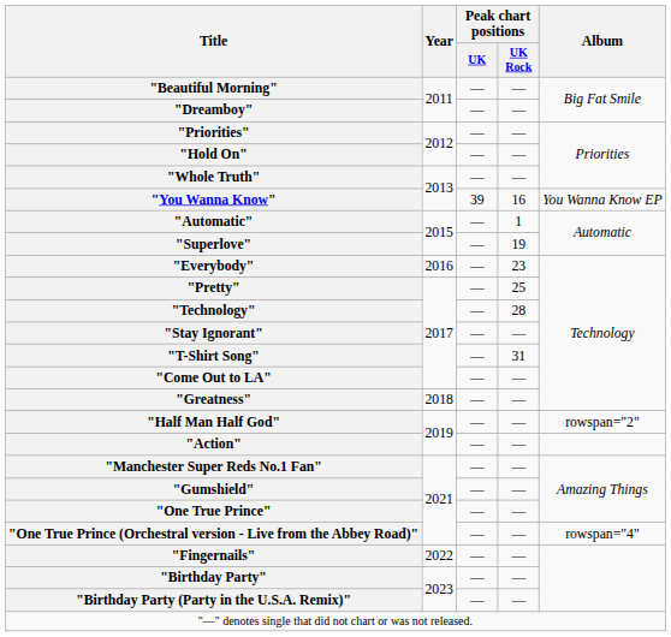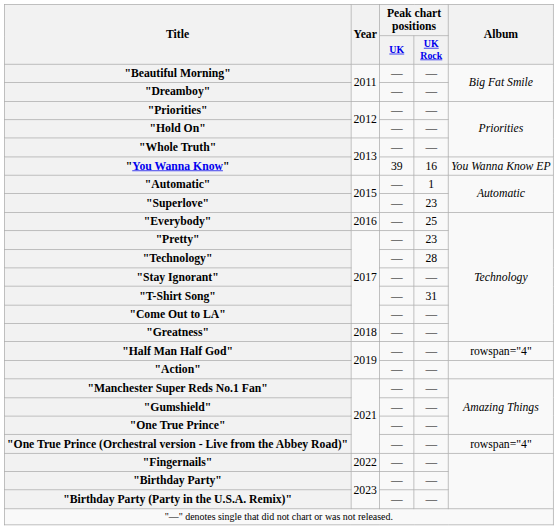 <table class="wikitable plainrowheaders" style="text-align:center;">
 <tr>
 <th scope="col" rowspan="2">Title</th>
 <th scope="col" rowspan="2">Year</th>
 <th scope="col" colspan="2">Peak chart positions</th>
 <th scope="col" rowspan="2">Album</th>
 </tr>
 <tr>
 <th scope="col" style="width:3em;font-size:85%;"><a href='#'>UK</a><br></th>
 <th scope="col" style="width:3em;font-size:85%;"><a href='#'>UK Rock</a><br></th>
 </tr>
 <tr>
 <th scope="row">"Beautiful Morning"</th>
 <td rowspan="2">2011</td>
 <td>—</td>
 <td>—</td>
 <td rowspan="2"><em>Big Fat Smile</em></td>
 </tr>
 <tr>
 <th scope="row">"Dreamboy"</th>
 <td>—</td>
 <td>—</td>
 </tr>
 <tr>
 <th scope="row">"Priorities"</th>
 <td rowspan="2">2012</td>
 <td>—</td>
 <td>—</td>
 <td rowspan="3"><em>Priorities</em></td>
 </tr>
 <tr>
 <th scope="row">"Hold On"</th>
 <td>—</td>
 <td>—</td>
 </tr>
 <tr>
 <th scope="row">"Whole Truth"</th>
 <td rowspan="2">2013</td>
 <td>—</td>
 <td>—</td>
 </tr>
 <tr>
 <th scope="row">"<a href='#'>You Wanna Know</a>"</th>
 <td>39</td>
 <td>16</td>
 <td><em>You Wanna Know EP</em></td>
 </tr>
 <tr>
 <th scope="row">"Automatic"</th>
 <td rowspan="2">2015</td>
 <td>—</td>
 <td>1</td>
 <td rowspan="2"><em>Automatic</em></td>
 </tr>
 <tr>
 <th scope="row">"Superlove"</th>
 <td>—</td>
-<td>19</td>
+<td>23</td>
 </tr>
 <tr>
 <th scope="row">"Everybody"</th>
 <td>2016</td>
 <td>—</td>
-<td>23</td>
+<td>25</td>
 <td rowspan="7"><em>Technology</em></td>
 </tr>
 <tr>
 <th scope="row">"Pretty"</th>
 <td rowspan="5">2017</td>
 <td>—</td>
-<td>25</td>
+<td>23</td>
 </tr>
 <tr>
 <th scope="row">"Technology"</th>
 <td>—</td>
 <td>28</td>
 </tr>
 <tr>
 <th scope="row">"Stay Ignorant"</th>
 <td>—</td>
 <td>—</td>
 </tr>
 <tr>
 <th scope="row">"T-Shirt Song"</th>
 <td>—</td>
 <td>31</td>
 </tr>
 <tr>
 <th scope="row">"Come Out to LA"</th>
 <td>—</td>
 <td>—</td>
 </tr>
 <tr>
 <th scope="row">"Greatness"</th>
 <td>2018</td>
 <td>—</td>
 <td>—</td>
 </tr>
 <tr>
 <th scope="row">"Half Man Half God"</th>
 <td rowspan="2">2019</td>
 <td>—</td>
 <td>—</td>
-<td>rowspan="2" </td>
+<td>rowspan="4" </td>
 </tr>
 <tr>
 <th scope="row">"Action"</th>
 <td>—</td>
 <td>—</td>
 </tr>
 <tr>
 <th scope="row">"Manchester Super Reds No.1 Fan"</th>
 <td rowspan="4">2021</td>
 <td>—</td>
 <td>—</td>
 <td rowspan="3" scope="row"><em>Amazing Things</em></td>
 </tr>
 <tr>
 <th scope="row">"Gumshield"</th>
 <td>—</td>
 <td>—</td>
 </tr>
 <tr>
 <th scope="row">"One True Prince"</th>
 <td>—</td>
 <td>—</td>
 </tr>
 <tr>
 <th scope="row">"One True Prince (Orchestral version - Live from the Abbey Road)"</th>
 <td>—</td>
 <td>—</td>
 <td>rowspan="4" </td>
 </tr>
 <tr>
 <th scope="row">"Fingernails"</th>
 <td>2022</td>
 <td>—</td>
 <td>—</td>
 </tr>
 <tr>
 <th scope="row">"Birthday Party"</th>
 <td rowspan="2">2023</td>
 <td>—</td>
 <td>—</td>
 </tr>
 <tr>
 <th scope="row">"Birthday Party (Party in the U.S.A. Remix)"</th>
 <td>—</td>
 <td>—</td>
 </tr>
 <tr>
 <td colspan="18" style="font-size:85%">"—" denotes single that did not chart or was not released.</td>
 </tr>
 </table>
